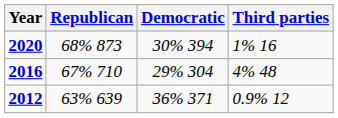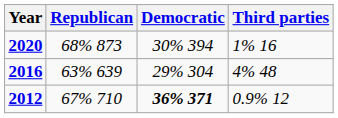 <table class="wikitable">
 <tr>
 <th>Year</th>
 <th><a href='#'>Republican</a></th>
 <th><a href='#'>Democratic</a></th>
 <th><a href='#'>Third parties</a></th>
 </tr>
 <tr>
 <td style="text-align:center; "><strong><a href='#'>2020</a></strong></td>
 <td style="text-align:center; "><em>68%</em> <em>873</em></td>
 <td style="text-align:center; "><em>30%</em> <em>394</em></td>
 <td><em>1%</em> <em>16</em></td>
 </tr>
 <tr>
 <td style="text-align:center; "><strong><a href='#'>2016</a></strong></td>
-<td style="text-align:center; "><em>67%</em> <em>710</em></td>
+<td style="text-align:center; "><em>63%</em> <em>639</em></td>
 <td style="text-align:center; "><em>29%</em> <em>304</em></td>
 <td><em>4%</em> <em>48</em></td>
 </tr>
 <tr>
 <td style="text-align:center; "><strong><a href='#'>2012</a></strong></td>
-<td style="text-align:center; "><em>63%</em> <em>639</em></td>
-<td style="text-align:center; "><em>36%</em> <em>371</em></td>
+<td style="text-align:center; "><em>67%</em> <em>710</em></td>
+<td style="text-align:center; "><strong><em>36%</em> <em>371</em></strong></td>
 <td><em>0.9%</em> <em>12</em></td>
 </tr>
 </table>
